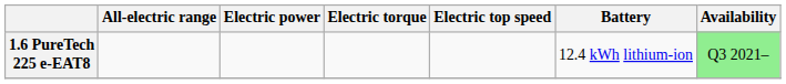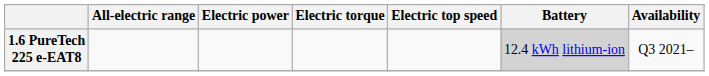 <table class="wikitable collapsible" style="font-size:75%;text-align:center;">
 <tr>
 <th></th>
 <th>All-electric range</th>
 <th>Electric power</th>
 <th>Electric torque</th>
 <th>Electric top speed</th>
 <th>Battery</th>
 <th>Availability</th>
 </tr>
 <tr>
 <th>1.6 PureTech<br>225 e-EAT8</th>
 <td></td>
 <td></td>
 <td></td>
 <td></td>
-<td>12.4 <a href='#'>kWh</a> <a href='#'>lithium-ion</a></td>
-<td style="background: lightgreen;">Q3 2021–</td>
+<td style="background: lightgrey;">12.4 <a href='#'>kWh</a> <a href='#'>lithium-ion</a></td>
+<td>Q3 2021–</td>
 </tr>
 <tr>
 </tr>
 </table>
